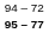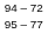 <table style="text-align:center">
 <tr>
 <th width=200></th>
 <th width=100></th>
 <th width=200></th>
 <th></th>
 </tr>
 <tr>
 <td align=right><strong></strong></td>
 <td>94 – 72</td>
 <td align=left></td>
 </tr>
 <tr>
 <td align=right><strong></strong></td>
-<td><strong>95 – 77</strong></td>
+<td>95 – 77</td>
 <td align=left></td>
 </tr>
 </table>
